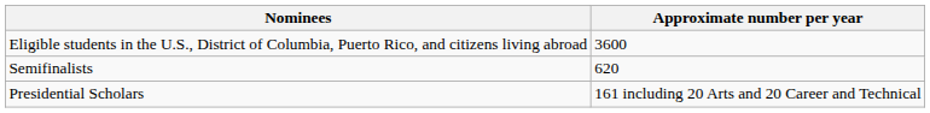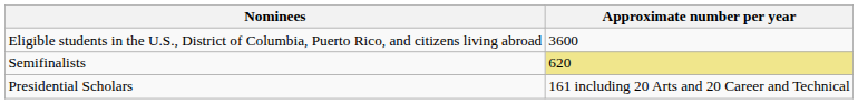 <table class="wikitable">
 <tr>
 <th>Nominees</th>
 <th>Approximate number per year</th>
 </tr>
 <tr>
 <td>Eligible students in the U.S., District of Columbia, Puerto Rico, and citizens living abroad</td>
 <td>3600</td>
 </tr>
 <tr>
 <td>Semifinalists</td>
-<td>620</td>
+<td style="background: khaki;">620</td>
 </tr>
 <tr>
 <td>Presidential Scholars</td>
 <td>161 including 20 Arts and 20 Career and Technical</td>
 </tr>
 </table>
